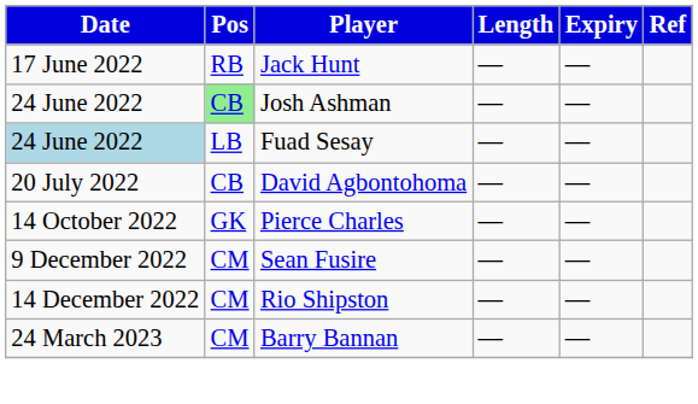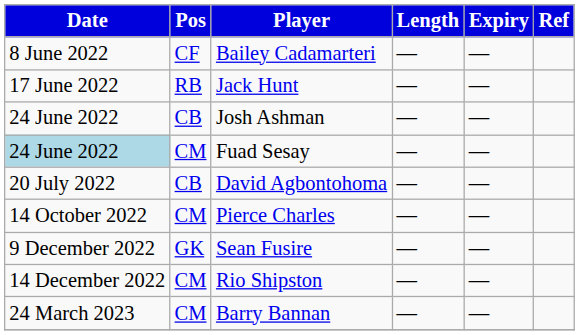 <table class="wikitable plainrowheaders sortable">
 <tr>
 <th style="background:#0000DD; color:#FFFFFF; ">Date</th>
 <th style="background:#0000DD; color:#FFFFFF; ">Pos</th>
 <th style="background:#0000DD; color:#FFFFFF; ">Player</th>
 <th style="background:#0000DD; color:#FFFFFF; ">Length</th>
 <th style="background:#0000DD; color:#FFFFFF; ">Expiry</th>
 <th style="background:#0000DD; color:#FFFFFF; ">Ref</th>
+</tr>
+<tr>
+<td>8 June 2022</td>
+<td><a href='#'>CF</a></td>
+<td> <a href='#'>Bailey Cadamarteri</a></td>
+<td>—</td>
+<td>—</td>
+<td></td>
 </tr>
 <tr>
 <td>17 June 2022</td>
 <td><a href='#'>RB</a></td>
 <td> <a href='#'>Jack Hunt</a></td>
 <td>—</td>
 <td>—</td>
 <td></td>
 </tr>
 <tr>
 <td>24 June 2022</td>
-<td style="background: lightgreen;"><a href='#'>CB</a></td>
+<td><a href='#'>CB</a></td>
 <td> Josh Ashman</td>
 <td>—</td>
 <td>—</td>
 <td></td>
 </tr>
 <tr>
 <td style="background: lightblue;">24 June 2022</td>
-<td><a href='#'>LB</a></td>
+<td><a href='#'>CM</a></td>
 <td> Fuad Sesay</td>
 <td>—</td>
 <td>—</td>
 <td></td>
 </tr>
 <tr>
 <td>20 July 2022</td>
 <td><a href='#'>CB</a></td>
 <td> <a href='#'>David Agbontohoma</a></td>
 <td>—</td>
 <td>—</td>
 <td></td>
 </tr>
 <tr>
 <td>14 October 2022</td>
-<td><a href='#'>GK</a></td>
+<td><a href='#'>CM</a></td>
 <td> <a href='#'>Pierce Charles</a></td>
 <td>—</td>
 <td>—</td>
 <td></td>
 </tr>
 <tr>
 <td>9 December 2022</td>
-<td><a href='#'>CM</a></td>
+<td><a href='#'>GK</a></td>
 <td> <a href='#'>Sean Fusire</a></td>
 <td>—</td>
 <td>—</td>
 <td></td>
 </tr>
 <tr>
 <td>14 December 2022</td>
 <td><a href='#'>CM</a></td>
 <td> <a href='#'>Rio Shipston</a></td>
 <td>—</td>
 <td>—</td>
 <td></td>
 </tr>
 <tr>
 <td>24 March 2023</td>
 <td><a href='#'>CM</a></td>
 <td> <a href='#'>Barry Bannan</a></td>
 <td>—</td>
 <td>—</td>
 <td></td>
 </tr>
 <tr>
 </tr>
 </table>
